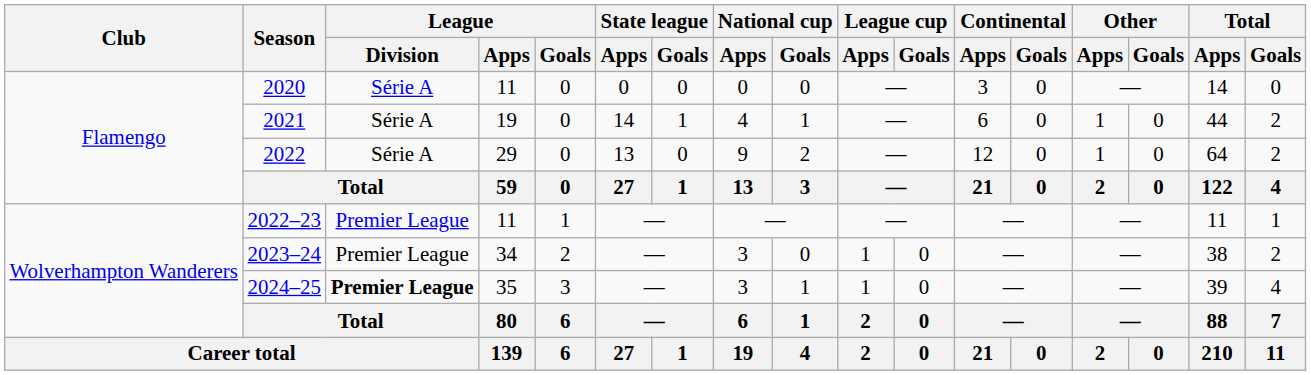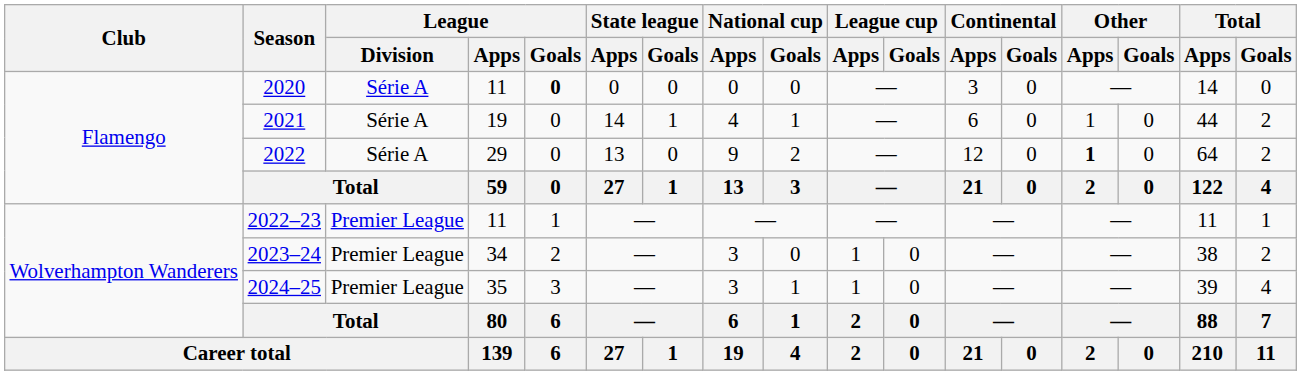 <table class="wikitable" style="text-align: center">
 <tr>
 <th rowspan="2">Club</th>
 <th rowspan="2">Season</th>
 <th colspan="3">League</th>
 <th colspan="2">State league</th>
 <th colspan="2">National cup</th>
 <th colspan="2">League cup</th>
 <th colspan="2">Continental</th>
 <th colspan="2">Other</th>
 <th colspan="2">Total</th>
 </tr>
 <tr>
 <th>Division</th>
 <th>Apps</th>
 <th>Goals</th>
 <th>Apps</th>
 <th>Goals</th>
 <th>Apps</th>
 <th>Goals</th>
 <th>Apps</th>
 <th>Goals</th>
 <th>Apps</th>
 <th>Goals</th>
 <th>Apps</th>
 <th>Goals</th>
 <th>Apps</th>
 <th>Goals</th>
 </tr>
 <tr>
 <td rowspan="4"><a href='#'>Flamengo</a></td>
 <td><a href='#'>2020</a></td>
 <td><a href='#'>Série A</a></td>
 <td>11</td>
-<td>0</td>
+<td><strong>0</strong></td>
 <td>0</td>
 <td>0</td>
 <td>0</td>
 <td>0</td>
 <td colspan="2">—</td>
 <td>3</td>
 <td>0</td>
 <td colspan="2">—</td>
 <td>14</td>
 <td>0</td>
 </tr>
 <tr>
 <td><a href='#'>2021</a></td>
 <td>Série A</td>
 <td>19</td>
 <td>0</td>
 <td>14</td>
 <td>1</td>
 <td>4</td>
 <td>1</td>
 <td colspan="2">—</td>
 <td>6</td>
 <td>0</td>
 <td>1</td>
 <td>0</td>
 <td>44</td>
 <td>2</td>
 </tr>
 <tr>
 <td><a href='#'>2022</a></td>
 <td>Série A</td>
 <td>29</td>
 <td>0</td>
 <td>13</td>
 <td>0</td>
 <td>9</td>
 <td>2</td>
 <td colspan="2">—</td>
 <td>12</td>
 <td>0</td>
-<td>1</td>
+<td><strong>1</strong></td>
 <td>0</td>
 <td>64</td>
 <td>2</td>
 </tr>
 <tr>
 <th colspan="2">Total</th>
 <th>59</th>
 <th>0</th>
 <th>27</th>
 <th>1</th>
 <th>13</th>
 <th>3</th>
 <th colspan="2">—</th>
 <th>21</th>
 <th>0</th>
 <th>2</th>
 <th>0</th>
 <th>122</th>
 <th>4</th>
 </tr>
 <tr>
 <td rowspan="4"><a href='#'>Wolverhampton Wanderers</a></td>
 <td><a href='#'>2022–23</a></td>
 <td><a href='#'>Premier League</a></td>
 <td>11</td>
 <td>1</td>
 <td colspan="2">—</td>
 <td colspan="2">—</td>
 <td colspan="2">—</td>
 <td colspan="2">—</td>
 <td colspan="2">—</td>
 <td>11</td>
 <td>1</td>
 </tr>
 <tr>
 <td><a href='#'>2023–24</a></td>
 <td>Premier League</td>
 <td>34</td>
 <td>2</td>
 <td colspan="2">—</td>
 <td>3</td>
 <td>0</td>
 <td>1</td>
 <td>0</td>
 <td colspan="2">—</td>
 <td colspan="2">—</td>
 <td>38</td>
 <td>2</td>
 </tr>
 <tr>
 <td><a href='#'>2024–25</a></td>
-<td><strong>Premier League</strong></td>
+<td>Premier League</td>
 <td>35</td>
 <td>3</td>
 <td colspan="2">—</td>
 <td>3</td>
 <td>1</td>
 <td>1</td>
 <td>0</td>
 <td colspan="2">—</td>
 <td colspan="2">—</td>
 <td>39</td>
 <td>4</td>
 </tr>
 <tr>
 <th colspan="2">Total</th>
 <th>80</th>
 <th>6</th>
 <th colspan="2">—</th>
 <th>6</th>
 <th>1</th>
 <th>2</th>
 <th>0</th>
 <th colspan="2">—</th>
 <th colspan="2">—</th>
 <th>88</th>
 <th>7</th>
 </tr>
 <tr>
 <th colspan="3">Career total</th>
 <th>139</th>
 <th>6</th>
 <th>27</th>
 <th>1</th>
 <th>19</th>
 <th>4</th>
 <th>2</th>
 <th>0</th>
 <th>21</th>
 <th>0</th>
 <th>2</th>
 <th>0</th>
 <th>210</th>
 <th>11</th>
 </tr>
 </table>
